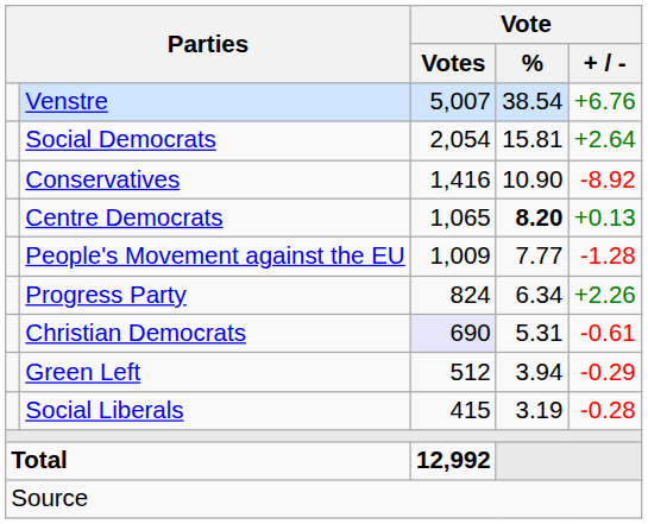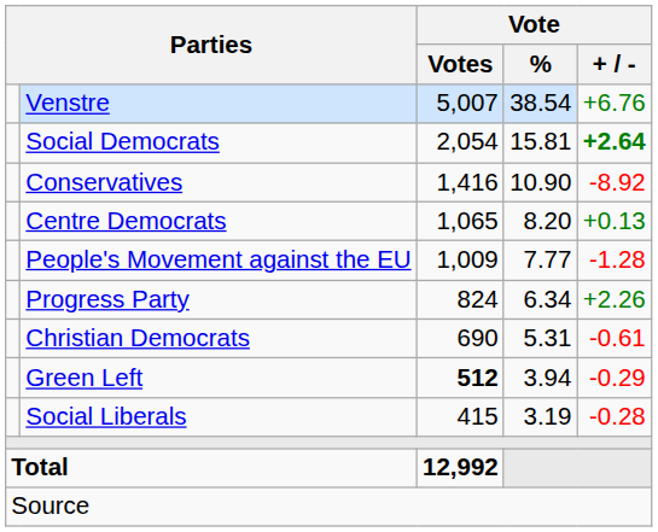 <table class="wikitable" style="text-align:right;">
 <tr>
 <th style="text-align:centre;" rowspan="2" colspan="2" width="225">Parties</th>
 <th colspan="3">Vote</th>
 </tr>
 <tr>
 <th width="15">Votes</th>
 <th width="15">%</th>
 <th width="15">+ / -</th>
 </tr>
 <tr>
 <td width="2" style="color:inherit;background:"></td>
 <td bgcolor=#cfe5fe   align="left"><a href='#'>Venstre</a></td>
 <td bgcolor=#cfe5fe>5,007</td>
 <td bgcolor=#cfe5fe>38.54</td>
 <td style=color:green;>+6.76</td>
 </tr>
 <tr>
 <td width="2" style="color:inherit;background:"></td>
 <td align="left"><a href='#'>Social Democrats</a></td>
 <td>2,054</td>
 <td>15.81</td>
-<td style=color:green;>+2.64</td>
+<td style=color:green;><strong>+2.64</strong></td>
 </tr>
 <tr>
 <td width="2" style="color:inherit;background:"></td>
 <td align="left"><a href='#'>Conservatives</a></td>
 <td>1,416</td>
 <td>10.90</td>
 <td style=color:red;>-8.92</td>
 </tr>
 <tr>
 <td width="2" style="color:inherit;background:"></td>
 <td align="left"><a href='#'>Centre Democrats</a></td>
 <td>1,065</td>
-<td><strong>8.20</strong></td>
+<td>8.20</td>
 <td style=color:green;>+0.13</td>
 </tr>
 <tr>
 <td width="2" style="color:inherit;background:"></td>
 <td align="left"><a href='#'>People's Movement against the EU</a></td>
 <td>1,009</td>
 <td>7.77</td>
 <td style=color:red;>-1.28</td>
 </tr>
 <tr>
 <td width="2" style="color:inherit;background:"></td>
 <td align="left"><a href='#'>Progress Party</a></td>
 <td>824</td>
 <td>6.34</td>
 <td style=color:green;>+2.26</td>
 </tr>
 <tr>
 <td width="2" style="color:inherit;background:"></td>
 <td align="left"><a href='#'>Christian Democrats</a></td>
-<td style="background: lavender;">690</td>
+<td>690</td>
 <td>5.31</td>
 <td style=color:red;>-0.61</td>
 </tr>
 <tr>
 <td width="2" style="color:inherit;background:"></td>
 <td align="left"><a href='#'>Green Left</a></td>
-<td>512</td>
+<td><strong>512</strong></td>
 <td>3.94</td>
 <td style=color:red;>-0.29</td>
 </tr>
 <tr>
 <td width="2" style="color:inherit;background:"></td>
 <td align="left"><a href='#'>Social Liberals</a></td>
 <td>415</td>
 <td>3.19</td>
 <td style=color:red;>-0.28</td>
 </tr>
 <tr>
 <td colspan="7" bgcolor="#E9E9E9"></td>
 </tr>
 <tr>
 <td align="left" colspan="2"><strong>Total</strong></td>
 <td><strong>12,992</strong></td>
 <td bgcolor="#E9E9E9" colspan="2"></td>
 </tr>
 <tr>
 <td align="left" colspan="6">Source</td>
 </tr>
 </table>
